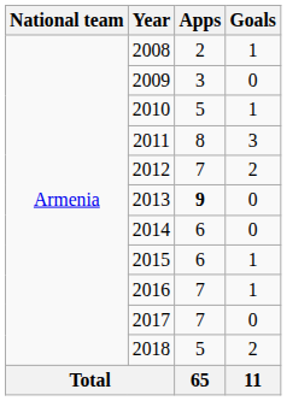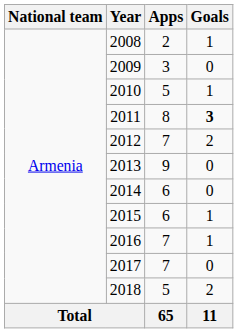 <table class="wikitable" style="text-align:center">
 <tr>
 <th>National team</th>
 <th>Year</th>
 <th>Apps</th>
 <th>Goals</th>
 </tr>
 <tr>
 <td rowspan="11"><a href='#'>Armenia</a></td>
 <td>2008</td>
 <td>2</td>
 <td>1</td>
 </tr>
 <tr>
 <td>2009</td>
 <td>3</td>
 <td>0</td>
 </tr>
 <tr>
 <td>2010</td>
 <td>5</td>
 <td>1</td>
 </tr>
 <tr>
 <td>2011</td>
 <td>8</td>
-<td>3</td>
+<td><strong>3</strong></td>
 </tr>
 <tr>
 <td>2012</td>
 <td>7</td>
 <td>2</td>
 </tr>
 <tr>
 <td>2013</td>
-<td><strong>9</strong></td>
+<td>9</td>
 <td>0</td>
 </tr>
 <tr>
 <td>2014</td>
 <td>6</td>
 <td>0</td>
 </tr>
 <tr>
 <td>2015</td>
 <td>6</td>
 <td>1</td>
 </tr>
 <tr>
 <td>2016</td>
 <td>7</td>
 <td>1</td>
 </tr>
 <tr>
 <td>2017</td>
 <td>7</td>
 <td>0</td>
 </tr>
 <tr>
 <td>2018</td>
 <td>5</td>
 <td>2</td>
 </tr>
 <tr>
 <th colspan="2">Total</th>
 <th>65</th>
 <th>11</th>
 </tr>
 </table>
